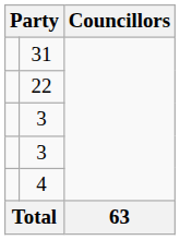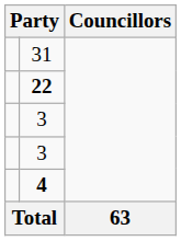 <table class="wikitable">
 <tr>
 <th colspan=2>Party</th>
 <th>Councillors</th>
 </tr>
 <tr>
 <td></td>
 <td align=center>31</td>
 </tr>
 <tr>
 <td></td>
-<td align=center>22</td>
+<td align=center><strong>22</strong></td>
 </tr>
 <tr>
 <td></td>
 <td align=center>3</td>
 </tr>
 <tr>
 <td></td>
 <td align=center>3</td>
 </tr>
 <tr>
 <td></td>
-<td align=center>4</td>
+<td align=center><strong>4</strong></td>
 </tr>
 <tr>
 <th colspan=2>Total</th>
 <th align=center>63</th>
 </tr>
 </table>
